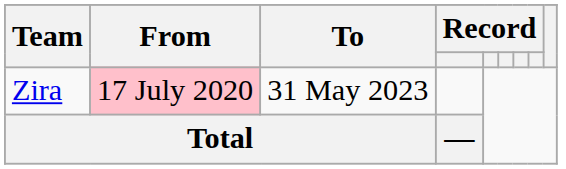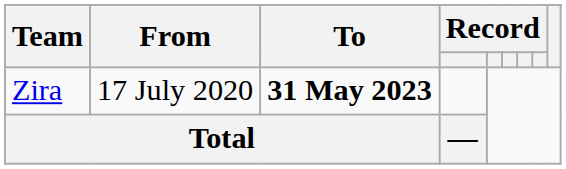 <table class=wikitable style="text-align: center">
 <tr>
 <th rowspan=2>Team</th>
 <th rowspan=2>From</th>
 <th rowspan=2>To</th>
 <th colspan=5>Record</th>
 <th rowspan=2></th>
 </tr>
 <tr>
 <th></th>
 <th></th>
 <th></th>
 <th></th>
 <th></th>
 </tr>
 <tr>
 <td align=left><a href='#'>Zira</a></td>
-<td align=left style="background: pink;">17 July 2020</td>
-<td align=left>31 May 2023<br></td>
+<td align=left>17 July 2020</td>
+<td align=left><strong>31 May 2023<br></strong></td>
 <td></td>
 </tr>
 <tr>
 <th colspan=3>Total<br></th>
 <th>—</th>
 </tr>
 </table>
